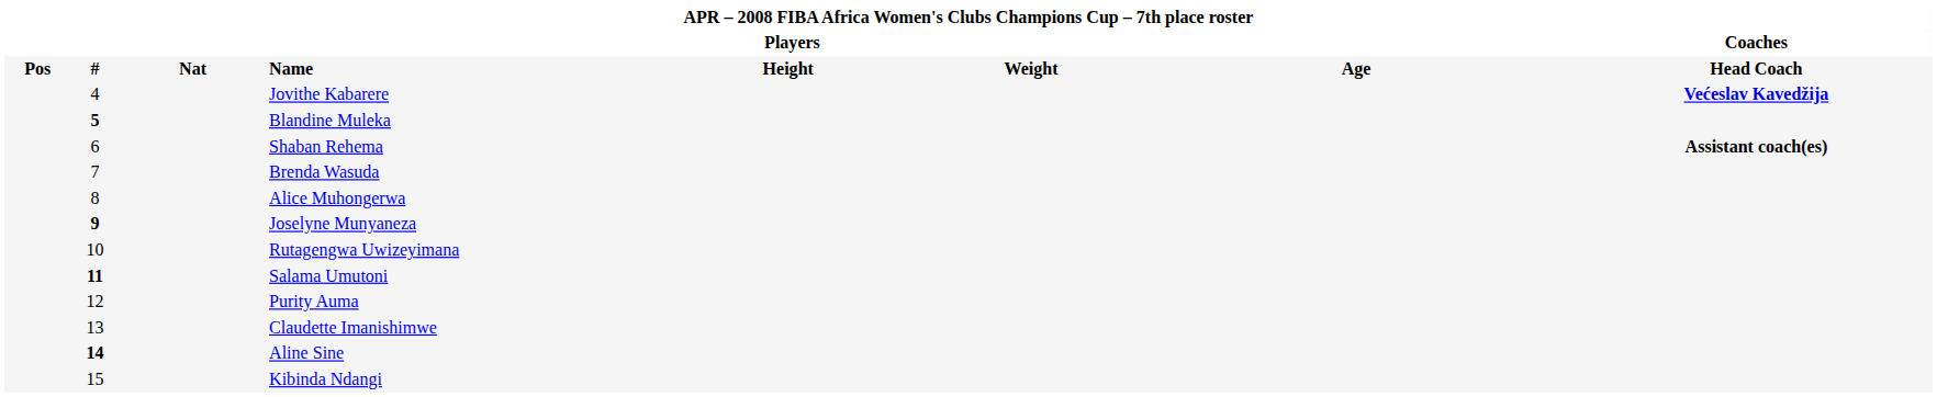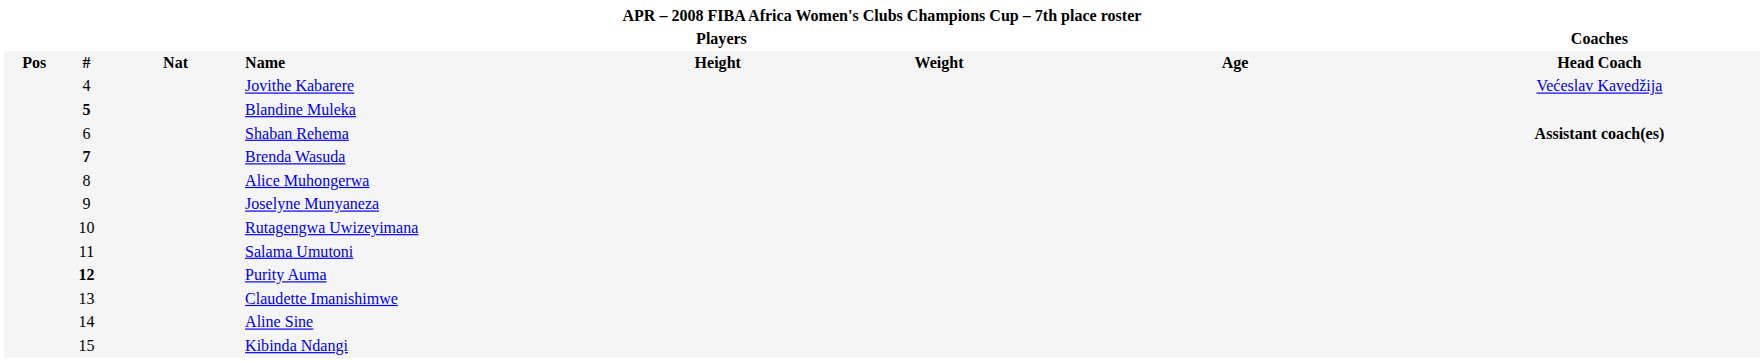 <table border=0 cellpadding=2 cellspacing=0  |- bgcolor=#f5f5f5 style="text-align:center; font-size:85%;" width=75%>
 <tr>
 <td colspan="8" style="background: white; color: black"><strong>APR – 2008 FIBA Africa Women's Clubs Champions Cup – 7th place roster</strong></td>
 </tr>
 <tr>
 <td colspan="7" style="background: white; color: black"><strong>Players</strong></td>
 <td style="background: white; color: black"><strong>Coaches</strong></td>
 </tr>
 <tr style="background=#f5f5f5; color: black">
 <th width=5px>Pos</th>
 <th width=5px>#</th>
 <th width=50px>Nat</th>
 <th width=135px align=left>Name</th>
 <th width=100px>Height</th>
 <th width=70px>Weight</th>
 <th width=160px>Age</th>
 <th width=125px>Head Coach</th>
 </tr>
 <tr>
 <td></td>
 <td>4</td>
 <td></td>
 <td align=left><a href='#'>Jovithe Kabarere</a></td>
 <td></td>
 <td></td>
 <td><span></span></td>
-<td><strong> <a href='#'>Većeslav Kavedžija</a></strong></td>
+<td> <a href='#'>Većeslav Kavedžija</a></td>
 </tr>
 <tr>
 <td></td>
 <td><strong>5</strong></td>
 <td></td>
 <td align=left><a href='#'>Blandine Muleka</a></td>
 <td></td>
 <td></td>
 <td><span></span></td>
 </tr>
 <tr>
 <td></td>
 <td>6</td>
 <td></td>
 <td align=left><a href='#'>Shaban Rehema</a></td>
 <td></td>
 <td></td>
 <td><span></span></td>
 <td><strong>Assistant coach(es)</strong></td>
 </tr>
 <tr>
 <td></td>
-<td>7</td>
+<td><strong>7</strong></td>
 <td></td>
 <td align=left><a href='#'>Brenda Wasuda</a></td>
 <td></td>
 <td></td>
 <td><span></span></td>
 <td></td>
 </tr>
 <tr>
 <td></td>
 <td>8</td>
 <td></td>
 <td align=left><a href='#'>Alice Muhongerwa</a></td>
 <td></td>
 <td></td>
 <td><span></span></td>
 </tr>
 <tr>
 <td></td>
-<td><strong>9</strong></td>
+<td>9</td>
 <td></td>
 <td align=left><a href='#'>Joselyne Munyaneza</a></td>
 <td></td>
 <td></td>
 <td><span></span></td>
 </tr>
 <tr>
 <td></td>
 <td>10</td>
 <td></td>
 <td align=left><a href='#'>Rutagengwa Uwizeyimana</a></td>
 <td></td>
 <td></td>
 <td><span></span></td>
 </tr>
 <tr>
 <td></td>
-<td><strong>11</strong></td>
+<td>11</td>
 <td></td>
 <td align=left><a href='#'>Salama Umutoni</a></td>
 <td></td>
 <td></td>
 <td><span></span></td>
 </tr>
 <tr>
 <td></td>
-<td>12</td>
+<td><strong>12</strong></td>
 <td></td>
 <td align=left><a href='#'>Purity Auma</a></td>
 <td></td>
 <td></td>
 <td><span></span></td>
 </tr>
 <tr>
 <td></td>
 <td>13</td>
 <td></td>
 <td align=left><a href='#'>Claudette Imanishimwe</a></td>
 <td></td>
 <td></td>
 <td><span></span></td>
 </tr>
 <tr>
 <td></td>
-<td><strong>14</strong></td>
+<td>14</td>
 <td></td>
 <td align=left><a href='#'>Aline Sine</a></td>
 <td></td>
 <td></td>
 <td><span></span></td>
 </tr>
 <tr>
 <td></td>
 <td>15</td>
 <td></td>
 <td align=left><a href='#'>Kibinda Ndangi</a></td>
 <td></td>
 <td></td>
 <td><span></span></td>
 </tr>
 </table>
